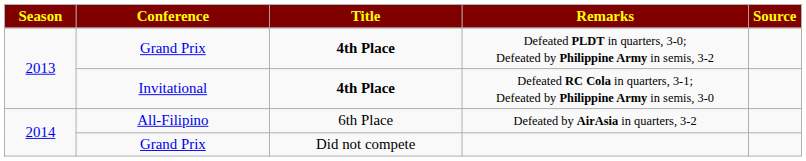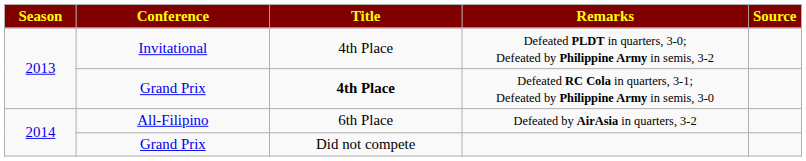 <table class="wikitable">
 <tr>
 <th width=70px style="background: maroon; color: yellow; text-align=center"><strong>Season</strong></th>
 <th width=200px style="background: maroon; color: yellow;"><strong>Conference</strong></th>
 <th width=200px style="background: maroon; color: yellow"><strong>Title</strong></th>
 <th width=300px style="background: maroon; color: yellow"><strong>Remarks</strong></th>
 <th width=50px style="background: maroon; color: yellow"><strong>Source</strong></th>
 </tr>
 <tr align=center>
 <td rowspan=2><a href='#'>2013</a></td>
-<td><a href='#'>Grand Prix</a></td>
-<td><strong>4th Place</strong></td>
+<td><a href='#'>Invitational</a></td>
+<td>4th Place</td>
 <td><small>Defeated <strong>PLDT</strong> in quarters, 3-0;<br>Defeated by <strong>Philippine Army</strong> in semis, 3-2</small></td>
 <td></td>
 </tr>
 <tr align=center>
-<td><a href='#'>Invitational</a></td>
+<td><a href='#'>Grand Prix</a></td>
 <td><strong>4th Place</strong></td>
 <td><small>Defeated <strong>RC Cola</strong> in quarters, 3-1;<br>Defeated by <strong>Philippine Army</strong> in semis, 3-0</small></td>
 <td></td>
 </tr>
 <tr align=center>
 <td rowspan=2><a href='#'>2014</a></td>
 <td><a href='#'>All-Filipino</a></td>
 <td>6th Place</td>
 <td><small>Defeated by <strong>AirAsia</strong> in quarters, 3-2</small></td>
 <td></td>
 </tr>
 <tr align=center>
 <td><a href='#'>Grand Prix</a></td>
 <td>Did not compete</td>
 <td></td>
 <td></td>
 </tr>
 </table>
